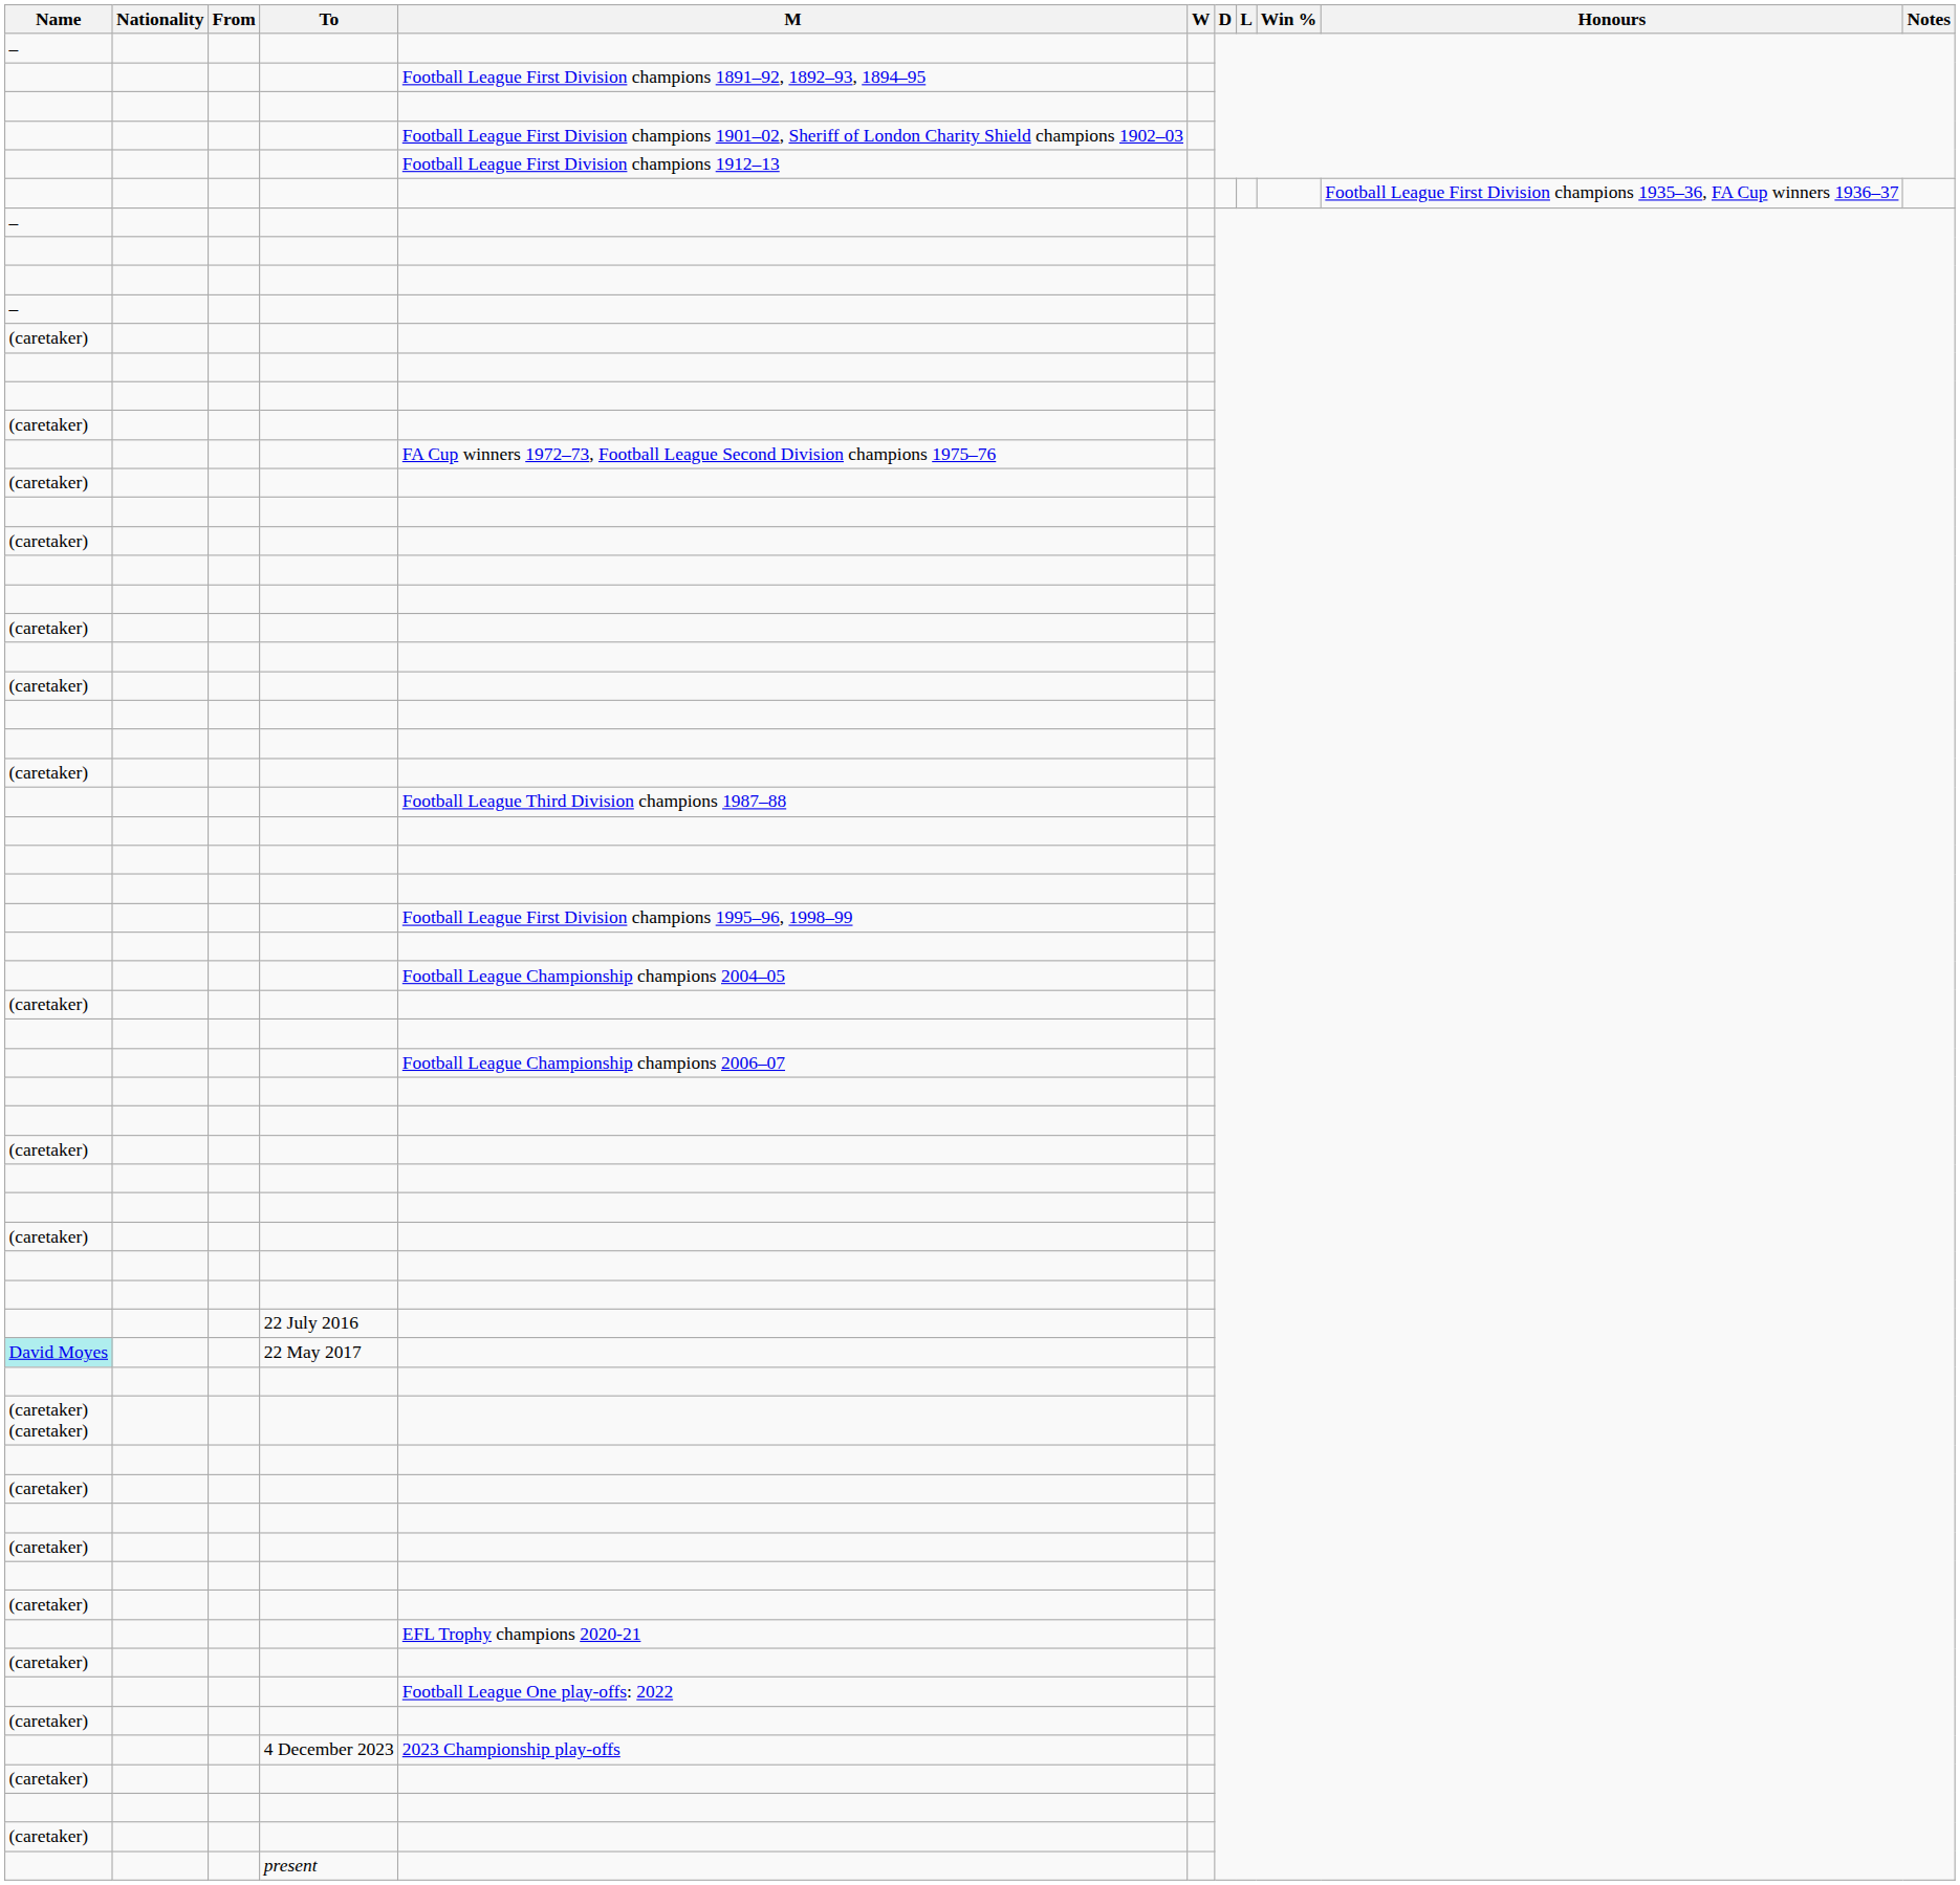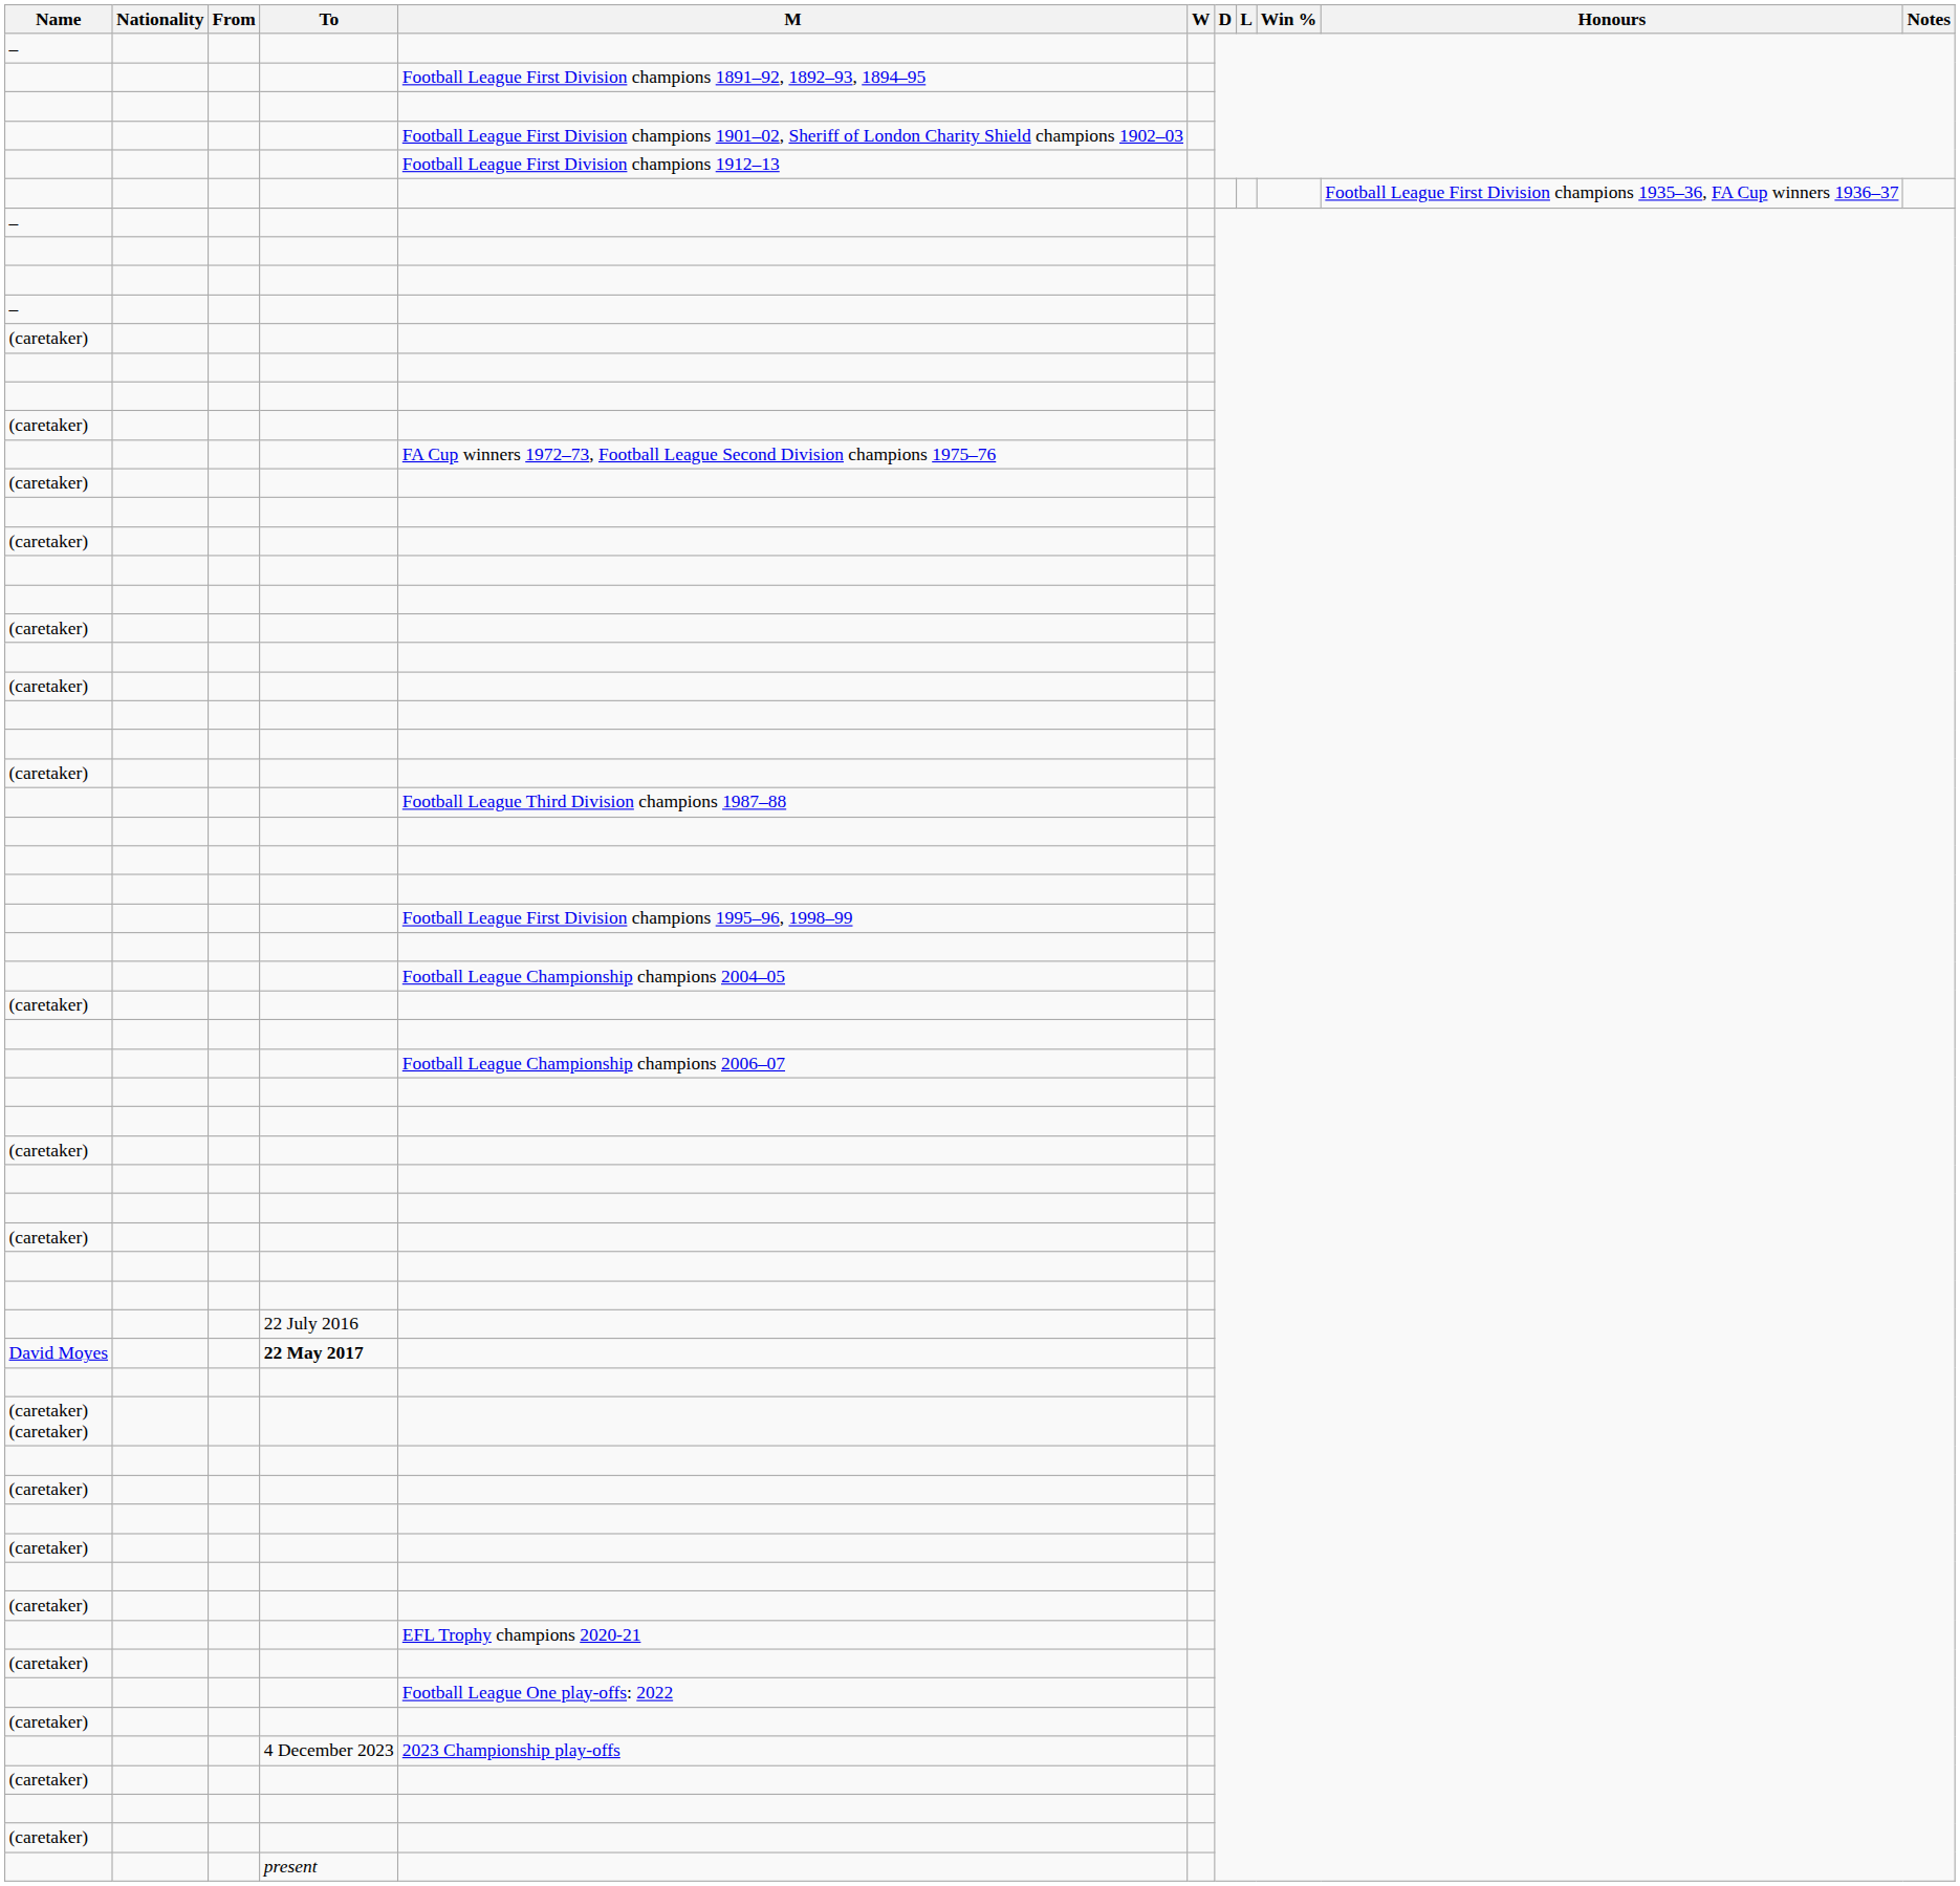 <table class="wikitable sortable" border="1" style="text-align: left">
 <tr>
 <th>Name</th>
 <th>Nationality</th>
 <th>From</th>
 <th class="unsortable">To</th>
 <th>M</th>
 <th>W</th>
 <th>D</th>
 <th>L</th>
 <th>Win %</th>
 <th class="unsortable">Honours</th>
 <th class="unsortable">Notes</th>
 </tr>
 <tr>
 <td align=left>–</td>
 <td></td>
 <td align=left></td>
 <td align=left><br></td>
 <td align=left></td>
 <td align=center></td>
 </tr>
 <tr>
 <td align=left></td>
 <td></td>
 <td align=left></td>
 <td align=left><br></td>
 <td align=left><a href='#'>Football League First Division</a> champions <a href='#'>1891–92</a>, <a href='#'>1892–93</a>, <a href='#'>1894–95</a></td>
 <td align=center></td>
 </tr>
 <tr>
 <td align=left></td>
 <td></td>
 <td align=left></td>
 <td align=left><br></td>
 <td align=left></td>
 <td align=center></td>
 </tr>
 <tr>
 <td align=left></td>
 <td></td>
 <td align=left></td>
 <td align=left><br></td>
 <td align=left><a href='#'>Football League First Division</a> champions <a href='#'>1901–02</a>, <a href='#'>Sheriff of London Charity Shield</a> champions <a href='#'>1902–03</a></td>
 <td align=center></td>
 </tr>
 <tr>
 <td align=left></td>
 <td></td>
 <td align=left></td>
 <td align=left><br></td>
 <td align=left><a href='#'>Football League First Division</a> champions <a href='#'>1912–13</a></td>
 <td align=center></td>
 </tr>
 <tr>
 <td align=left></td>
 <td></td>
 <td align=left></td>
 <td align=left></td>
 <td align=center></td>
 <td align=center></td>
 <td align=center></td>
 <td align=center></td>
 <td align=center></td>
 <td align=left><a href='#'>Football League First Division</a> champions <a href='#'>1935–36</a>, <a href='#'>FA Cup</a> winners <a href='#'>1936–37</a></td>
 <td align=center></td>
 </tr>
 <tr>
 <td align=left>–</td>
 <td></td>
 <td align=left></td>
 <td align=left><br></td>
 <td align=left></td>
 <td align=center></td>
 </tr>
 <tr>
 <td align=left></td>
 <td></td>
 <td align=left></td>
 <td align=left><br></td>
 <td align=left></td>
 <td align=center></td>
 </tr>
 <tr>
 <td align=left></td>
 <td></td>
 <td align=left></td>
 <td align=left><br></td>
 <td align=left></td>
 <td align=center></td>
 </tr>
 <tr>
 <td align=left>–</td>
 <td></td>
 <td align=left></td>
 <td align=left><br></td>
 <td align=left></td>
 <td align=center></td>
 </tr>
 <tr>
 <td align=left> (caretaker)</td>
 <td></td>
 <td align=left></td>
 <td align=left><br></td>
 <td align=left></td>
 <td align=center></td>
 </tr>
 <tr>
 <td align=left></td>
 <td></td>
 <td align=left></td>
 <td align=left><br></td>
 <td align=left></td>
 <td align=center></td>
 </tr>
 <tr>
 <td align=left></td>
 <td></td>
 <td align=left></td>
 <td align=left><br></td>
 <td align=left></td>
 <td align=center></td>
 </tr>
 <tr>
 <td align=left> (caretaker)</td>
 <td></td>
 <td align=left></td>
 <td align=left><br></td>
 <td align=left></td>
 <td align=center></td>
 </tr>
 <tr>
 <td align=left></td>
 <td></td>
 <td align=left></td>
 <td align=left><br></td>
 <td align=left><a href='#'>FA Cup</a> winners <a href='#'>1972–73</a>, <a href='#'>Football League Second Division</a> champions <a href='#'>1975–76</a></td>
 <td align=center></td>
 </tr>
 <tr>
 <td align=left> (caretaker)</td>
 <td></td>
 <td align=left></td>
 <td align=left><br></td>
 <td align=left></td>
 <td align=center></td>
 </tr>
 <tr>
 <td align=left></td>
 <td></td>
 <td align=left></td>
 <td align=left><br></td>
 <td align=left></td>
 <td align=center></td>
 </tr>
 <tr>
 <td align=left> (caretaker)</td>
 <td></td>
 <td align=left></td>
 <td align=left><br></td>
 <td align=left></td>
 <td align=center></td>
 </tr>
 <tr>
 <td align=left></td>
 <td></td>
 <td align=left></td>
 <td align=left><br></td>
 <td align=left></td>
 <td align=center></td>
 </tr>
 <tr>
 <td align=left></td>
 <td></td>
 <td align=left></td>
 <td align=left><br></td>
 <td align=left></td>
 <td align=center></td>
 </tr>
 <tr>
 <td align=left> (caretaker)</td>
 <td></td>
 <td align=left></td>
 <td align=left><br></td>
 <td align=left></td>
 <td align=center></td>
 </tr>
 <tr>
 <td align=left></td>
 <td></td>
 <td align=left></td>
 <td align=left><br></td>
 <td align=left></td>
 <td align=center></td>
 </tr>
 <tr>
 <td align=left> (caretaker)</td>
 <td></td>
 <td align=left></td>
 <td align=left><br></td>
 <td align=left></td>
 <td align=center></td>
 </tr>
 <tr>
 <td align=left></td>
 <td></td>
 <td align=left></td>
 <td align=left><br></td>
 <td align=left></td>
 <td align=center></td>
 </tr>
 <tr>
 <td align=left></td>
 <td></td>
 <td align=left></td>
 <td align=left><br></td>
 <td align=left></td>
 <td align=center></td>
 </tr>
 <tr>
 <td align=left> (caretaker)</td>
 <td></td>
 <td align=left></td>
 <td align=left><br></td>
 <td align=left></td>
 <td align=center></td>
 </tr>
 <tr>
 <td align=left></td>
 <td></td>
 <td align=left></td>
 <td align=left><br></td>
 <td align=left><a href='#'>Football League Third Division</a> champions <a href='#'>1987–88</a></td>
 <td align=center></td>
 </tr>
 <tr>
 <td align=left></td>
 <td></td>
 <td align=left></td>
 <td align=left><br></td>
 <td align=left></td>
 <td align=center></td>
 </tr>
 <tr>
 <td align=left></td>
 <td></td>
 <td align=left></td>
 <td align=left><br></td>
 <td align=left></td>
 <td align=center></td>
 </tr>
 <tr>
 <td align=left></td>
 <td></td>
 <td align=left></td>
 <td align=left><br></td>
 <td align=left></td>
 <td align=center></td>
 </tr>
 <tr>
 <td align=left></td>
 <td></td>
 <td align=left></td>
 <td align=left><br></td>
 <td align=left><a href='#'>Football League First Division</a> champions <a href='#'>1995–96</a>, <a href='#'>1998–99</a></td>
 <td align=center></td>
 </tr>
 <tr>
 <td align=left></td>
 <td></td>
 <td align=left></td>
 <td align=left><br></td>
 <td align=left></td>
 <td align=center></td>
 </tr>
 <tr>
 <td align=left></td>
 <td></td>
 <td align=left></td>
 <td align=left><br></td>
 <td align=left><a href='#'>Football League Championship</a> champions <a href='#'>2004–05</a></td>
 <td align=center></td>
 </tr>
 <tr>
 <td align=left> (caretaker)</td>
 <td></td>
 <td align=left></td>
 <td align=left><br></td>
 <td align=left></td>
 <td align=center></td>
 </tr>
 <tr>
 <td align=left></td>
 <td></td>
 <td align=left></td>
 <td align=left><br></td>
 <td align=left></td>
 <td align=center></td>
 </tr>
 <tr>
 <td align=left></td>
 <td></td>
 <td align=left></td>
 <td align=left><br></td>
 <td align=left><a href='#'>Football League Championship</a> champions <a href='#'>2006–07</a></td>
 <td align=center></td>
 </tr>
 <tr>
 <td align=left></td>
 <td></td>
 <td align=left></td>
 <td align=left><br></td>
 <td align=left></td>
 <td align=center></td>
 </tr>
 <tr>
 <td align=left></td>
 <td></td>
 <td align=left></td>
 <td align=left><br></td>
 <td align=left></td>
 <td align=center></td>
 </tr>
 <tr>
 <td align=left> (caretaker)</td>
 <td></td>
 <td align=left></td>
 <td align=left><br></td>
 <td align=left></td>
 <td align=center></td>
 </tr>
 <tr>
 <td align=left></td>
 <td></td>
 <td align=left></td>
 <td align=left><br></td>
 <td align=left></td>
 <td align=center></td>
 </tr>
 <tr>
 <td align=left></td>
 <td></td>
 <td align=left></td>
 <td align=left><br></td>
 <td align=left></td>
 <td align=center></td>
 </tr>
 <tr>
 <td align=left> (caretaker)</td>
 <td></td>
 <td align=left></td>
 <td align=left><br></td>
 <td align=left></td>
 <td align=center></td>
 </tr>
 <tr>
 <td align=left></td>
 <td></td>
 <td align=left></td>
 <td align=left><br></td>
 <td align=left></td>
 <td align=center></td>
 </tr>
 <tr>
 <td align=left></td>
 <td></td>
 <td align=left></td>
 <td align=left><br></td>
 <td></td>
 <td></td>
 </tr>
 <tr>
 <td align=left></td>
 <td></td>
 <td align=left></td>
 <td align=left>22 July 2016<br></td>
 <td align=left></td>
 <td align=center></td>
 </tr>
 <tr>
-<td style="background: paleturquoise;"><a href='#'>David Moyes</a></td>
+<td><a href='#'>David Moyes</a></td>
 <td></td>
 <td align=left></td>
-<td>22 May 2017<br></td>
+<td><strong>22 May 2017<br></strong></td>
 <td align=left></td>
 <td align=center></td>
 </tr>
 <tr>
 <td align=left></td>
 <td></td>
 <td align=left></td>
 <td align=left><br></td>
 <td align=left></td>
 <td align=center></td>
 </tr>
 <tr>
 <td align=left> (caretaker)<br> (caretaker)</td>
 <td><br></td>
 <td align=left></td>
 <td align=left><br></td>
 <td align=left></td>
 <td align=center></td>
 </tr>
 <tr>
 <td align=left></td>
 <td></td>
 <td align=left></td>
 <td align=left><br></td>
 <td align=left></td>
 <td align=center></td>
 </tr>
 <tr>
 <td align=left> (caretaker)</td>
 <td></td>
 <td align=left></td>
 <td align=left><br></td>
 <td align=left></td>
 <td align=center></td>
 </tr>
 <tr>
 <td align=left></td>
 <td></td>
 <td align=left></td>
 <td align=left><br></td>
 <td align=left></td>
 <td align=center></td>
 </tr>
 <tr>
 <td align=left> (caretaker)</td>
 <td></td>
 <td align=left></td>
 <td align=left><br></td>
 <td align=left></td>
 <td align=center></td>
 </tr>
 <tr>
 <td align=left></td>
 <td></td>
 <td align=left></td>
 <td align=left><br></td>
 <td align=left></td>
 <td align=center></td>
 </tr>
 <tr>
 <td align=left> (caretaker)</td>
 <td></td>
 <td align=left></td>
 <td align=left><br></td>
 <td align=left></td>
 <td align=center></td>
 </tr>
 <tr>
 <td align=left></td>
 <td></td>
 <td align=left></td>
 <td align=left><br></td>
 <td align=left><a href='#'>EFL Trophy</a> champions <a href='#'>2020-21</a></td>
 <td align=center></td>
 </tr>
 <tr>
 <td align=left> (caretaker)</td>
 <td></td>
 <td align=left></td>
 <td align=left><br></td>
 <td></td>
 <td align=left></td>
 </tr>
 <tr>
 <td align=left></td>
 <td></td>
 <td align=left></td>
 <td align=left><br></td>
 <td align=left><a href='#'>Football League One play-offs</a>: <a href='#'>2022</a></td>
 <td align=left></td>
 </tr>
 <tr>
 <td align=left> (caretaker)</td>
 <td></td>
 <td align=left></td>
 <td align=left><br></td>
 <td align=left></td>
 <td align=left></td>
 </tr>
 <tr>
 <td align=left></td>
 <td></td>
 <td align=left></td>
 <td align=left>4 December 2023<br></td>
 <td align=left><a href='#'>2023 Championship play-offs</a></td>
 <td align=left></td>
 </tr>
 <tr>
 <td align=left> (caretaker)</td>
 <td></td>
 <td align=left></td>
 <td align=left><br></td>
 <td></td>
 <td align=left></td>
 </tr>
 <tr>
 <td align=left></td>
 <td></td>
 <td align=left></td>
 <td align=left><br></td>
 <td></td>
 <td align=left></td>
 </tr>
 <tr>
 <td align=left> (caretaker)</td>
 <td></td>
 <td align=left></td>
 <td align=left><br></td>
 <td></td>
 <td align=left></td>
 </tr>
 <tr>
 <td align=left></td>
 <td></td>
 <td align=left></td>
 <td align=left><em>present</em><br></td>
 <td></td>
 <td align=left></td>
 </tr>
 </table>
